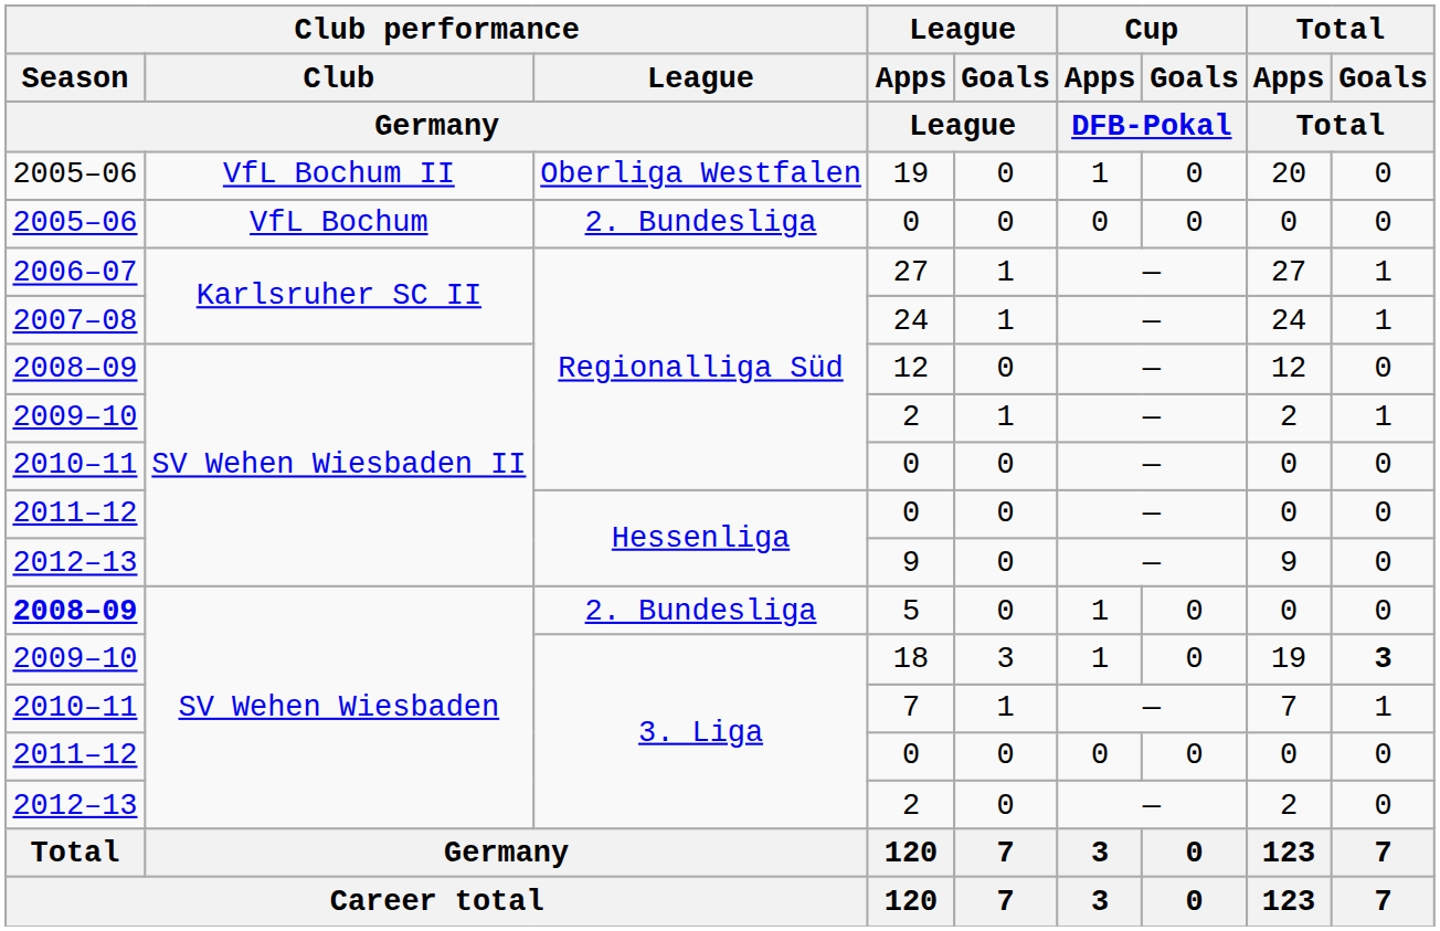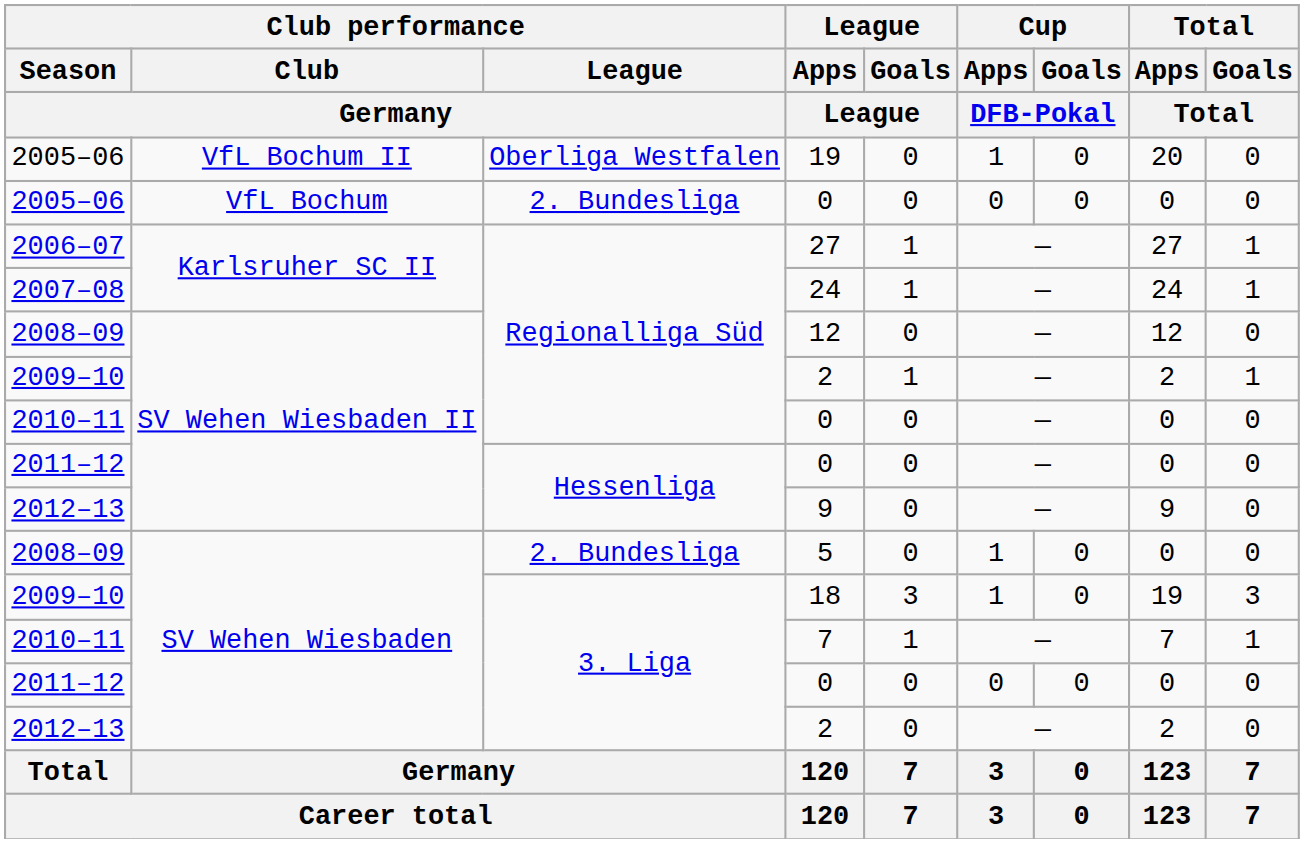 <table class="wikitable" style="text-align:center">
 <tr>
 <th colspan=3>Club performance</th>
 <th colspan=2>League</th>
 <th colspan=2>Cup</th>
 <th colspan=2>Total</th>
 </tr>
 <tr>
 <th>Season</th>
 <th>Club</th>
 <th>League</th>
 <th>Apps</th>
 <th>Goals</th>
 <th>Apps</th>
 <th>Goals</th>
 <th>Apps</th>
 <th>Goals</th>
 </tr>
 <tr>
 <th colspan=3>Germany</th>
 <th colspan=2>League</th>
 <th colspan=2><a href='#'>DFB-Pokal</a></th>
 <th colspan=2>Total</th>
 </tr>
 <tr>
 <td>2005–06</td>
 <td><a href='#'>VfL Bochum II</a></td>
 <td><a href='#'>Oberliga Westfalen</a></td>
 <td>19</td>
 <td>0</td>
 <td>1</td>
 <td>0</td>
 <td>20</td>
 <td>0</td>
 </tr>
 <tr>
 <td><a href='#'>2005–06</a></td>
 <td><a href='#'>VfL Bochum</a></td>
 <td><a href='#'>2. Bundesliga</a></td>
 <td>0</td>
 <td>0</td>
 <td>0</td>
 <td>0</td>
 <td>0</td>
 <td>0</td>
 </tr>
 <tr>
 <td><a href='#'>2006–07</a></td>
 <td rowspan="2"><a href='#'>Karlsruher SC II</a></td>
 <td rowspan="5"><a href='#'>Regionalliga Süd</a></td>
 <td>27</td>
 <td>1</td>
 <td colspan="2">—</td>
 <td>27</td>
 <td>1</td>
 </tr>
 <tr>
 <td><a href='#'>2007–08</a></td>
 <td>24</td>
 <td>1</td>
 <td colspan="2">—</td>
 <td>24</td>
 <td>1</td>
 </tr>
 <tr>
 <td><a href='#'>2008–09</a></td>
 <td rowspan="5"><a href='#'>SV Wehen Wiesbaden II</a></td>
 <td>12</td>
 <td>0</td>
 <td colspan="2">—</td>
 <td>12</td>
 <td>0</td>
 </tr>
 <tr>
 <td><a href='#'>2009–10</a></td>
 <td>2</td>
 <td>1</td>
 <td colspan="2">—</td>
 <td>2</td>
 <td>1</td>
 </tr>
 <tr>
 <td><a href='#'>2010–11</a></td>
 <td>0</td>
 <td>0</td>
 <td colspan="2">—</td>
 <td>0</td>
 <td>0</td>
 </tr>
 <tr>
 <td><a href='#'>2011–12</a></td>
 <td rowspan="2"><a href='#'>Hessenliga</a></td>
 <td>0</td>
 <td>0</td>
 <td colspan="2">—</td>
 <td>0</td>
 <td>0</td>
 </tr>
 <tr>
 <td><a href='#'>2012–13</a></td>
 <td>9</td>
 <td>0</td>
 <td colspan="2">—</td>
 <td>9</td>
 <td>0</td>
 </tr>
 <tr>
-<td><strong><a href='#'>2008–09</a></strong></td>
+<td><a href='#'>2008–09</a></td>
 <td rowspan="5"><a href='#'>SV Wehen Wiesbaden</a></td>
 <td><a href='#'>2. Bundesliga</a></td>
 <td>5</td>
 <td>0</td>
 <td>1</td>
 <td>0</td>
 <td>0</td>
 <td>0</td>
 </tr>
 <tr>
 <td><a href='#'>2009–10</a></td>
 <td rowspan="4"><a href='#'>3. Liga</a></td>
 <td>18</td>
 <td>3</td>
 <td>1</td>
 <td>0</td>
 <td>19</td>
-<td><strong>3</strong></td>
+<td>3</td>
 </tr>
 <tr>
 <td><a href='#'>2010–11</a></td>
 <td>7</td>
 <td>1</td>
 <td colspan="2">—</td>
 <td>7</td>
 <td>1</td>
 </tr>
 <tr>
 <td><a href='#'>2011–12</a></td>
 <td>0</td>
 <td>0</td>
 <td>0</td>
 <td>0</td>
 <td>0</td>
 <td>0</td>
 </tr>
 <tr>
 <td><a href='#'>2012–13</a></td>
 <td>2</td>
 <td>0</td>
 <td colspan="2">—</td>
 <td>2</td>
 <td>0</td>
 </tr>
 <tr>
 <th rowspan=1>Total</th>
 <th colspan=2>Germany</th>
 <th>120</th>
 <th>7</th>
 <th>3</th>
 <th>0</th>
 <th>123</th>
 <th>7</th>
 </tr>
 <tr>
 <th colspan=3>Career total</th>
 <th>120</th>
 <th>7</th>
 <th>3</th>
 <th>0</th>
 <th>123</th>
 <th>7</th>
 </tr>
 </table>
